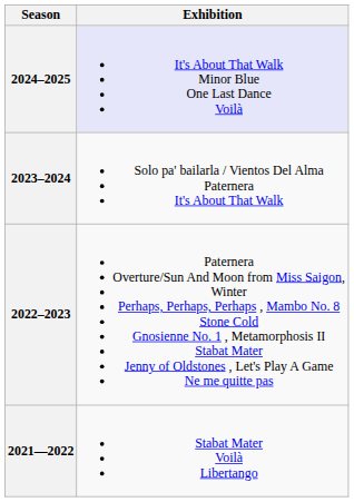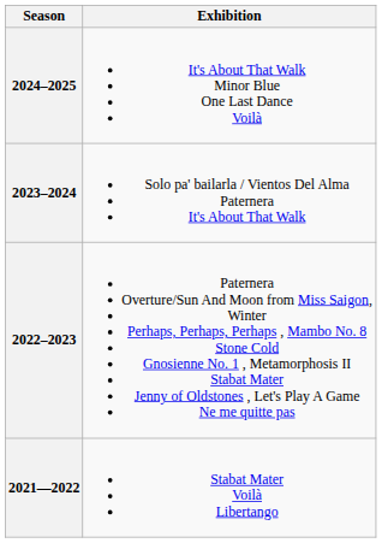 <table class="wikitable" style="text-align:center">
 <tr>
 <th>Season</th>
 <th>Exhibition</th>
 </tr>
 <tr>
 <th>2024–2025</th>
-<td style="background: lavender;"><br><ul><li><a href='#'>It's About That Walk</a> <br> </li><li>Minor Blue </li><li>One Last Dance </li><li><a href='#'>Voilà</a> </li></ul></td>
+<td><br><ul><li><a href='#'>It's About That Walk</a> <br> </li><li>Minor Blue </li><li>One Last Dance </li><li><a href='#'>Voilà</a> </li></ul></td>
 </tr>
 <tr>
 <th>2023–2024</th>
 <td><br><ul><li>Solo pa' bailarla / Vientos Del Alma </li><li>Paternera </li><li><a href='#'>It's About That Walk</a> <br> </li></ul></td>
 </tr>
 <tr>
 <th>2022–2023</th>
 <td><br><ul><li>Paternera </li><li>Overture/Sun And Moon from <a href='#'>Miss Saigon</a>, </li><li>Winter </li><li><a href='#'>Perhaps, Perhaps, Perhaps</a> , <a href='#'>Mambo No. 8</a> </li><li><a href='#'>Stone Cold</a> </li><li><a href='#'>Gnosienne No. 1</a> , Metamorphosis II </li><li><a href='#'>Stabat Mater</a> </li><li><a href='#'>Jenny of Oldstones</a> , Let's Play A Game </li><li><a href='#'>Ne me quitte pas</a> </li></ul></td>
 </tr>
 <tr>
 <th>2021—2022</th>
 <td><br><ul><li><a href='#'>Stabat Mater</a> </li><li><a href='#'>Voilà</a> </li><li><a href='#'>Libertango</a> </li></ul></td>
 </tr>
 </table>
